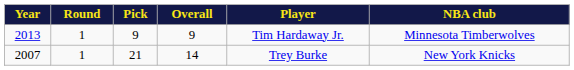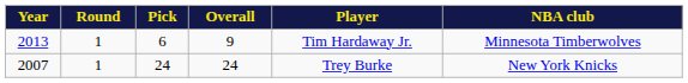 <table class="wikitable" width="80%">
 <tr align="center"  style="background:#121849;color:#F8E616;">
 <td><strong>Year</strong></td>
 <td><strong>Round</strong></td>
 <td><strong>Pick</strong></td>
 <td><strong>Overall</strong></td>
 <td><strong>Player</strong></td>
 <td><strong>NBA club</strong></td>
 </tr>
 <tr align="center" bgcolor="">
 <td><a href='#'>2013</a></td>
 <td>1</td>
-<td>9</td>
+<td>6</td>
 <td>9</td>
 <td><a href='#'>Tim Hardaway Jr.</a></td>
 <td><a href='#'>Minnesota Timberwolves</a></td>
 </tr>
 <tr align="center" bgcolor="">
 <td>2007</td>
 <td>1</td>
-<td>21</td>
-<td>14</td>
+<td>24</td>
+<td>24</td>
 <td><a href='#'>Trey Burke</a></td>
 <td><a href='#'>New York Knicks</a></td>
 </tr>
 </table>
